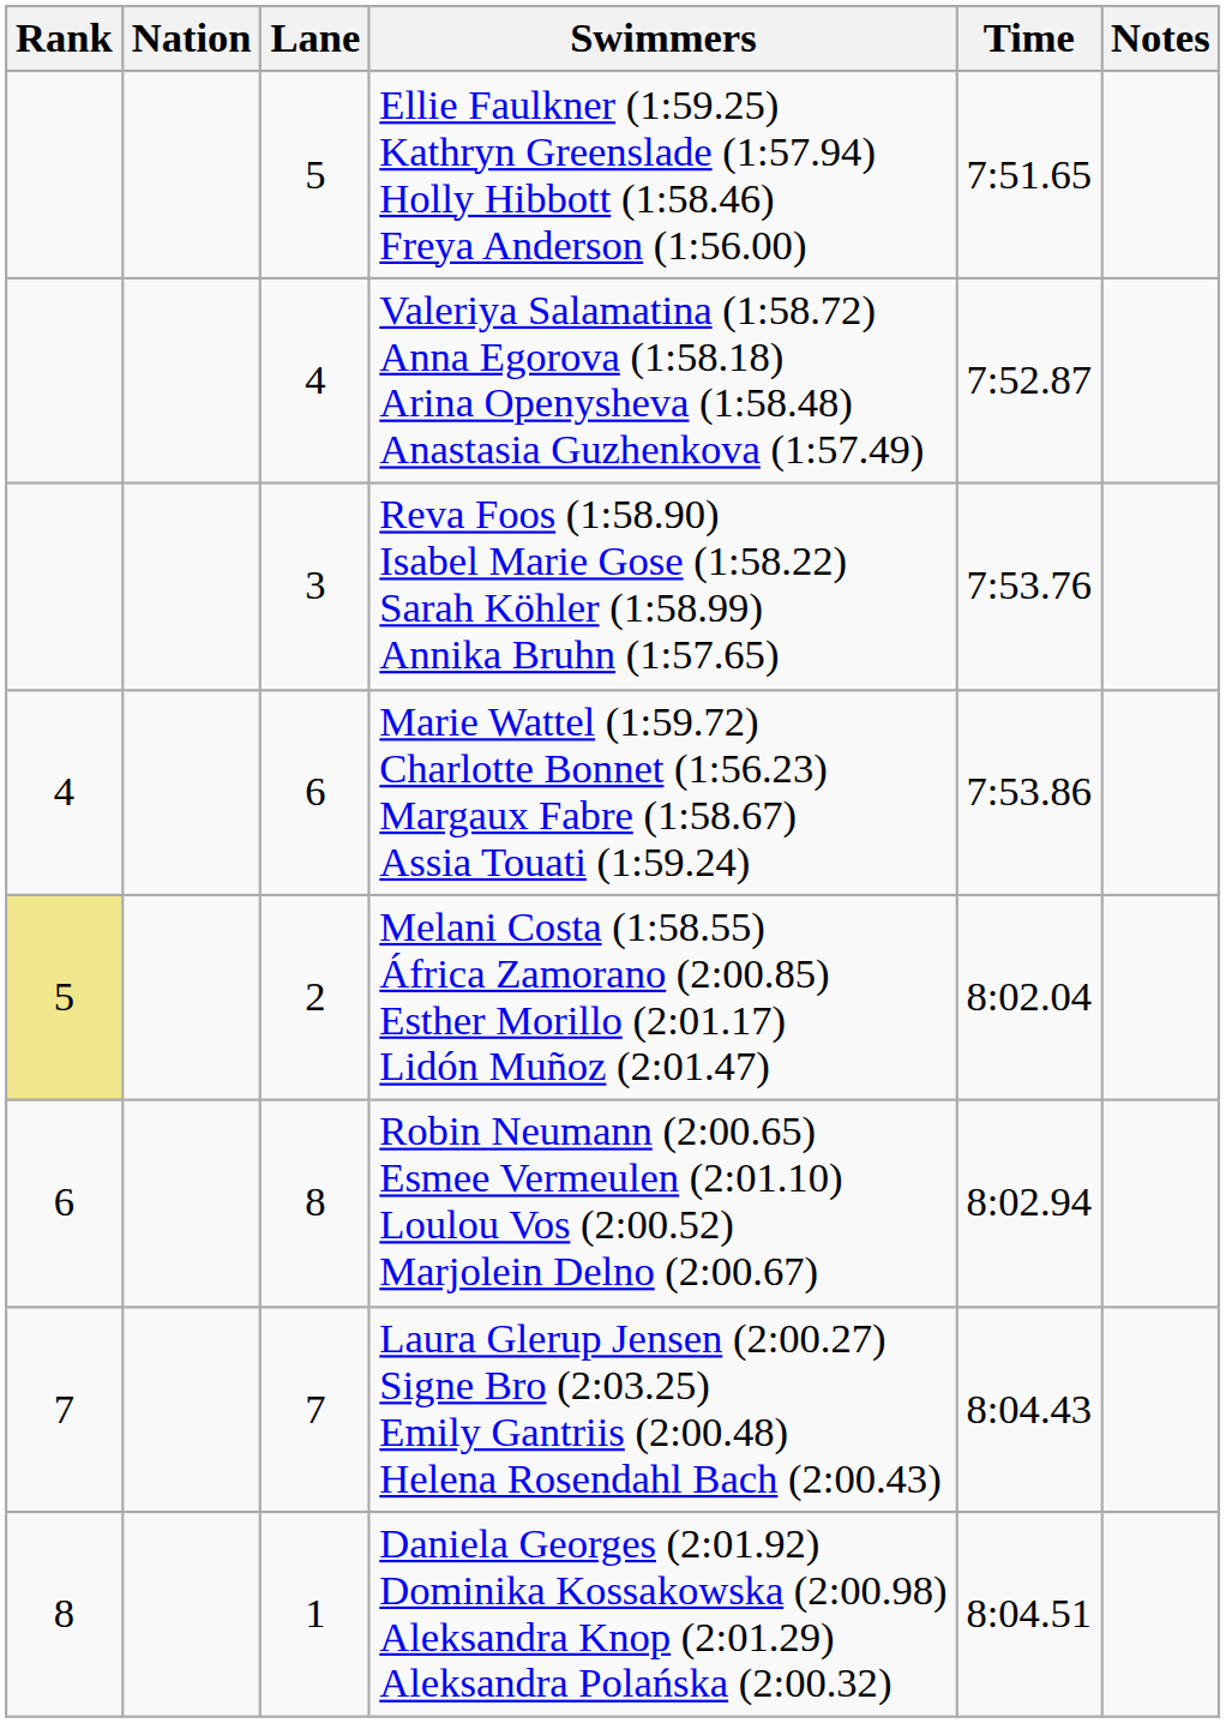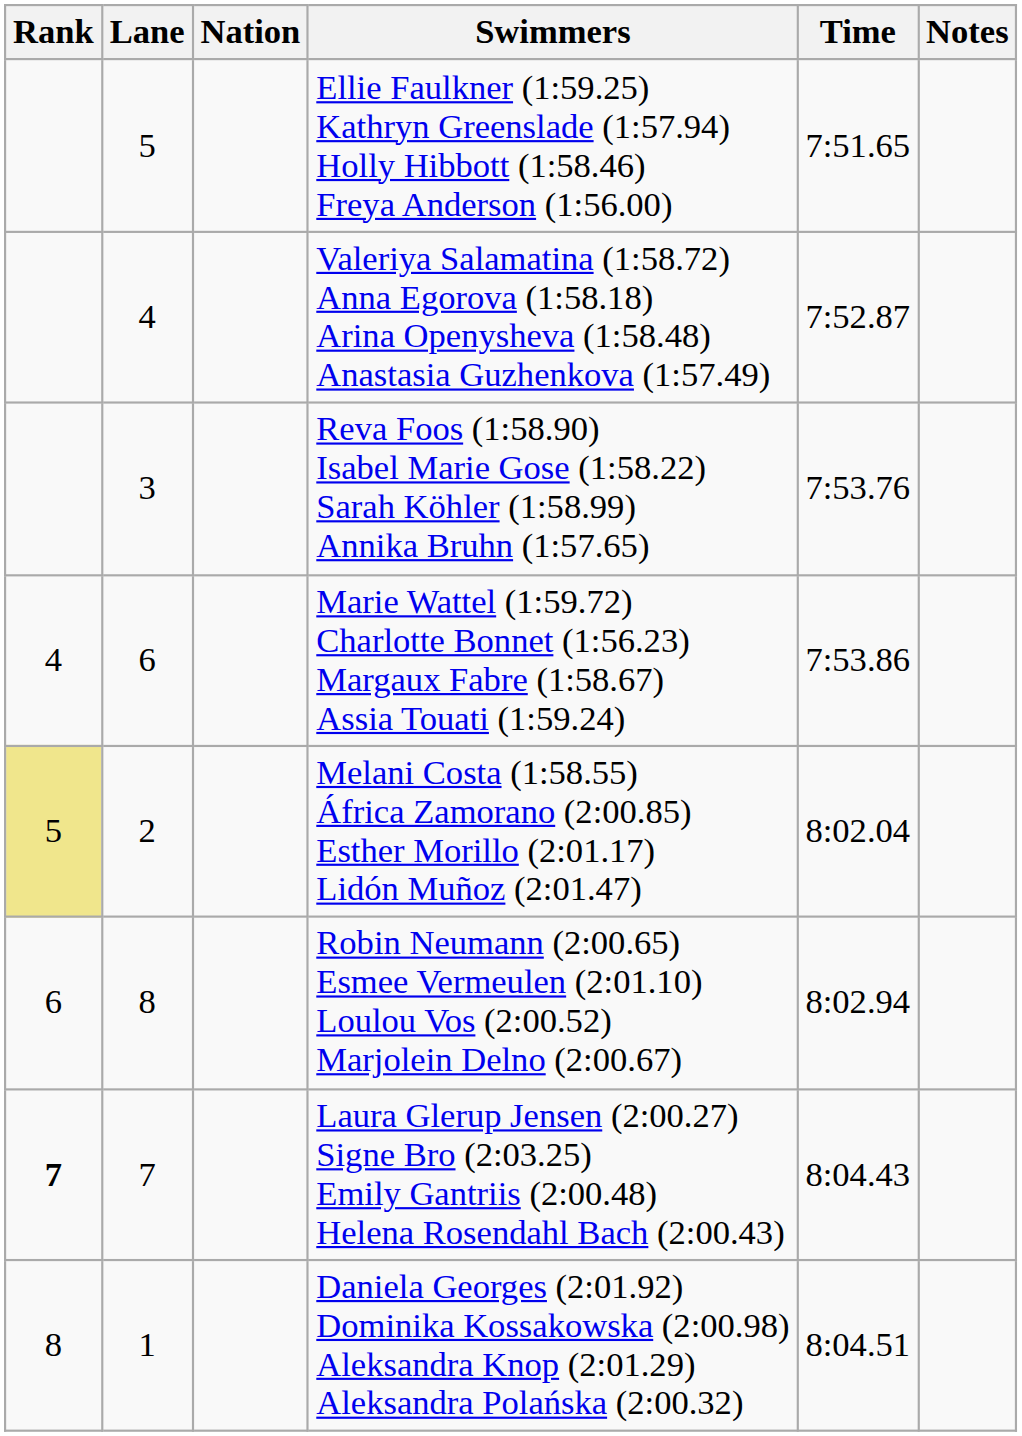 <table class="wikitable sortable" style="text-align:center">
 <tr>
 <th>Rank</th>
+<th>Lane</th>
 <th>Nation</th>
-<th>Lane</th>
 <th>Swimmers</th>
 <th>Time</th>
 <th>Notes</th>
 </tr>
 <tr>
 <td></td>
+<td>5</td>
 <td align=left></td>
-<td>5</td>
 <td align=left><a href='#'>Ellie Faulkner</a> (1:59.25)<br><a href='#'>Kathryn Greenslade</a> (1:57.94)<br><a href='#'>Holly Hibbott</a> (1:58.46)<br><a href='#'>Freya Anderson</a> (1:56.00)</td>
 <td>7:51.65</td>
 <td></td>
 </tr>
 <tr>
 <td></td>
+<td>4</td>
 <td align=left></td>
-<td>4</td>
 <td align=left><a href='#'>Valeriya Salamatina</a> (1:58.72)<br><a href='#'>Anna Egorova</a> (1:58.18)<br><a href='#'>Arina Openysheva</a> (1:58.48)<br><a href='#'>Anastasia Guzhenkova</a> (1:57.49)</td>
 <td>7:52.87</td>
 <td></td>
 </tr>
 <tr>
 <td></td>
+<td>3</td>
 <td align=left></td>
-<td>3</td>
 <td align=left><a href='#'>Reva Foos</a> (1:58.90)<br><a href='#'>Isabel Marie Gose</a> (1:58.22)<br><a href='#'>Sarah Köhler</a> (1:58.99)<br><a href='#'>Annika Bruhn</a> (1:57.65)</td>
 <td>7:53.76</td>
 <td></td>
 </tr>
 <tr>
 <td>4</td>
+<td>6</td>
 <td align=left></td>
-<td>6</td>
 <td align=left><a href='#'>Marie Wattel</a> (1:59.72)<br><a href='#'>Charlotte Bonnet</a> (1:56.23)<br><a href='#'>Margaux Fabre</a> (1:58.67)<br><a href='#'>Assia Touati</a> (1:59.24)</td>
 <td>7:53.86</td>
 <td></td>
 </tr>
 <tr>
 <td style="background: khaki;">5</td>
+<td>2</td>
 <td align=left></td>
-<td>2</td>
 <td align=left><a href='#'>Melani Costa</a> (1:58.55)<br><a href='#'>África Zamorano</a> (2:00.85)<br><a href='#'>Esther Morillo</a> (2:01.17)<br><a href='#'>Lidón Muñoz</a> (2:01.47)</td>
 <td>8:02.04</td>
 <td></td>
 </tr>
 <tr>
 <td>6</td>
+<td>8</td>
 <td align=left></td>
-<td>8</td>
 <td align=left><a href='#'>Robin Neumann</a> (2:00.65)<br><a href='#'>Esmee Vermeulen</a> (2:01.10)<br><a href='#'>Loulou Vos</a> (2:00.52)<br><a href='#'>Marjolein Delno</a> (2:00.67)</td>
 <td>8:02.94</td>
 <td></td>
 </tr>
 <tr>
+<td><strong>7</strong></td>
 <td>7</td>
 <td align=left></td>
-<td>7</td>
 <td align=left><a href='#'>Laura Glerup Jensen</a> (2:00.27)<br><a href='#'>Signe Bro</a> (2:03.25)<br><a href='#'>Emily Gantriis</a> (2:00.48)<br><a href='#'>Helena Rosendahl Bach</a> (2:00.43)</td>
 <td>8:04.43</td>
 <td></td>
 </tr>
 <tr>
 <td>8</td>
+<td>1</td>
 <td align=left></td>
-<td>1</td>
 <td align=left><a href='#'>Daniela Georges</a> (2:01.92)<br><a href='#'>Dominika Kossakowska</a> (2:00.98)<br><a href='#'>Aleksandra Knop</a> (2:01.29)<br><a href='#'>Aleksandra Polańska</a> (2:00.32)</td>
 <td>8:04.51</td>
 <td></td>
 </tr>
 </table>
